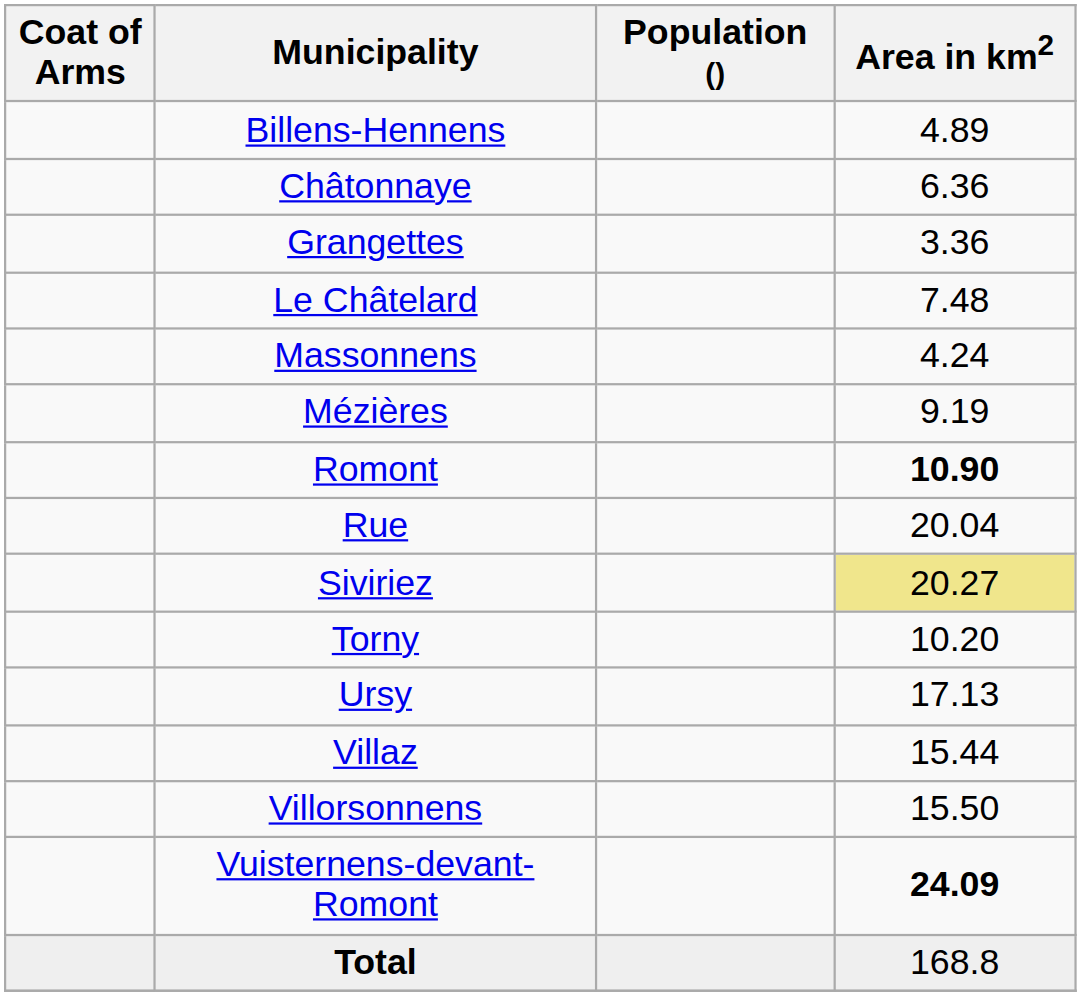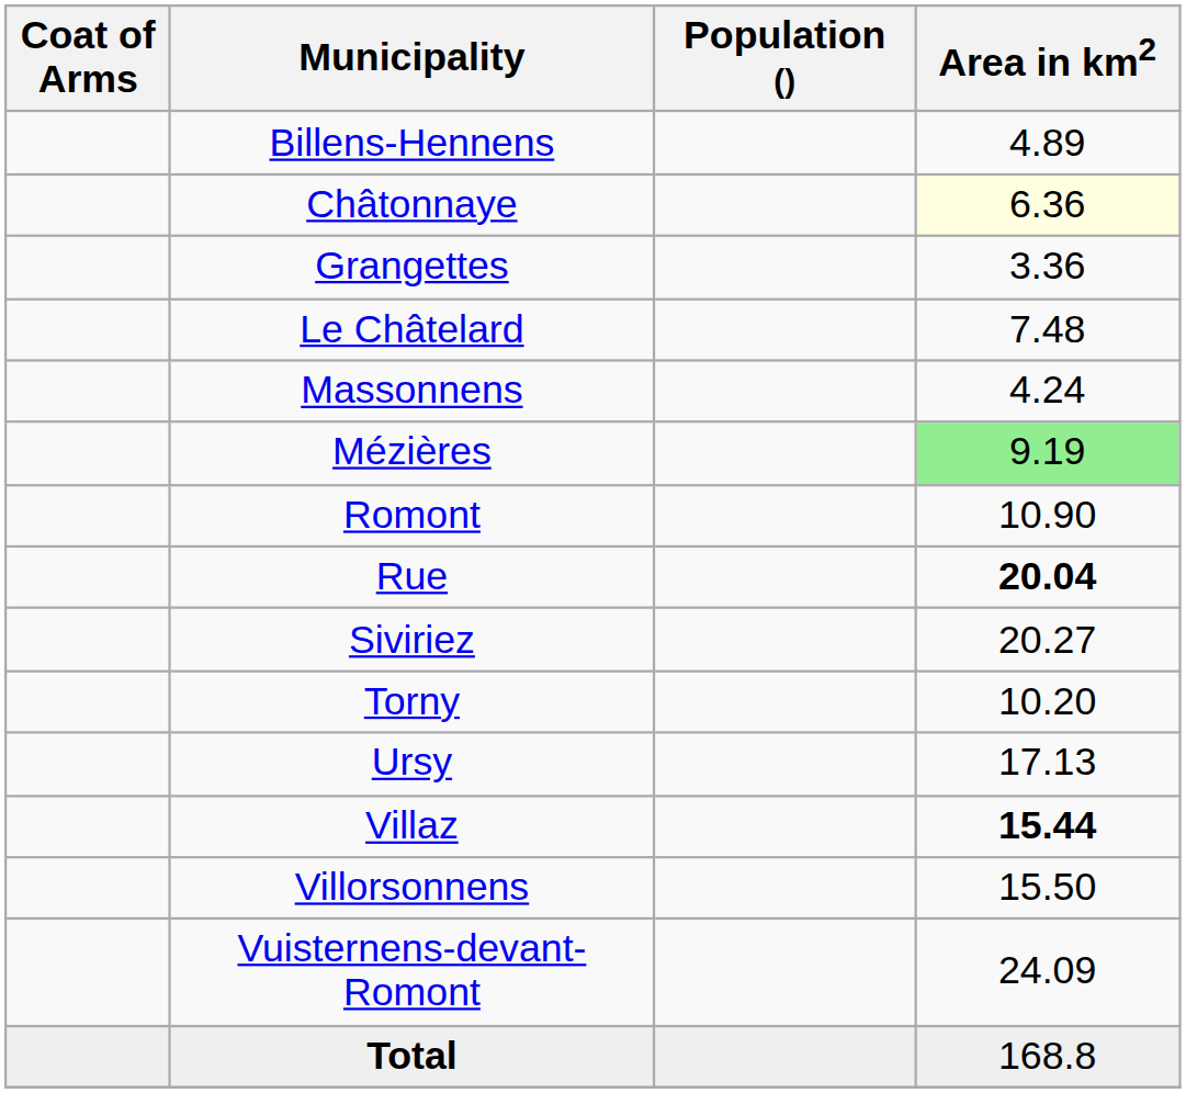 <table class="wikitable">
 <tr>
 <th width="60">Coat of Arms</th>
 <th width="190">Municipality</th>
 <th width="100">Population<br><small>()</small></th>
 <th width="100">Area in km<sup>2</sup></th>
 </tr>
 <tr>
 <td></td>
 <td align="center"><a href='#'>Billens-Hennens</a></td>
 <td align="center"></td>
 <td align="center">4.89</td>
 </tr>
 <tr>
 <td></td>
 <td align="center"><a href='#'>Châtonnaye</a></td>
 <td align="center"></td>
-<td align="center">6.36</td>
+<td align="center" style="background: lightyellow;">6.36</td>
 </tr>
 <tr>
 <td></td>
 <td align="center"><a href='#'>Grangettes</a></td>
 <td align="center"></td>
 <td align="center">3.36</td>
 </tr>
 <tr>
 <td></td>
 <td align="center"><a href='#'>Le Châtelard</a></td>
 <td align="center"></td>
 <td align="center">7.48</td>
 </tr>
 <tr>
 <td></td>
 <td align="center"><a href='#'>Massonnens</a></td>
 <td align="center"></td>
 <td align="center">4.24</td>
 </tr>
 <tr>
 <td></td>
 <td align="center"><a href='#'>Mézières</a></td>
 <td align="center"></td>
-<td align="center">9.19</td>
+<td align="center" style="background: lightgreen;">9.19</td>
 </tr>
 <tr>
 <td></td>
 <td align="center"><a href='#'>Romont</a></td>
 <td align="center"></td>
-<td align="center"><strong>10.90</strong></td>
+<td align="center">10.90</td>
 </tr>
 <tr>
 <td></td>
 <td align="center"><a href='#'>Rue</a></td>
 <td align="center"></td>
-<td align="center">20.04</td>
+<td align="center"><strong>20.04</strong></td>
 </tr>
 <tr>
 <td></td>
 <td align="center"><a href='#'>Siviriez</a></td>
 <td align="center"></td>
-<td align="center" style="background: khaki;">20.27</td>
+<td align="center">20.27</td>
 </tr>
 <tr>
 <td></td>
 <td align="center"><a href='#'>Torny</a></td>
 <td align="center"></td>
 <td align="center">10.20</td>
 </tr>
 <tr>
 <td></td>
 <td align="center"><a href='#'>Ursy</a></td>
 <td align="center"></td>
 <td align="center">17.13</td>
 </tr>
 <tr>
 <td></td>
 <td align="center"><a href='#'>Villaz</a></td>
 <td align="center"></td>
-<td align="center">15.44</td>
+<td align="center"><strong>15.44</strong></td>
 </tr>
 <tr>
 <td></td>
 <td align="center"><a href='#'>Villorsonnens</a></td>
 <td align="center"></td>
 <td align="center">15.50</td>
 </tr>
 <tr>
 <td></td>
 <td align="center"><a href='#'>Vuisternens-devant-Romont</a></td>
 <td align="center"></td>
-<td align="center"><strong>24.09</strong></td>
+<td align="center">24.09</td>
 </tr>
 <tr style="background-color:#EFEFEF;">
 <td></td>
 <td align="center"><strong>Total</strong></td>
 <td align="center"></td>
 <td align="center">168.8</td>
 </tr>
 <tr>
 </tr>
 </table>
